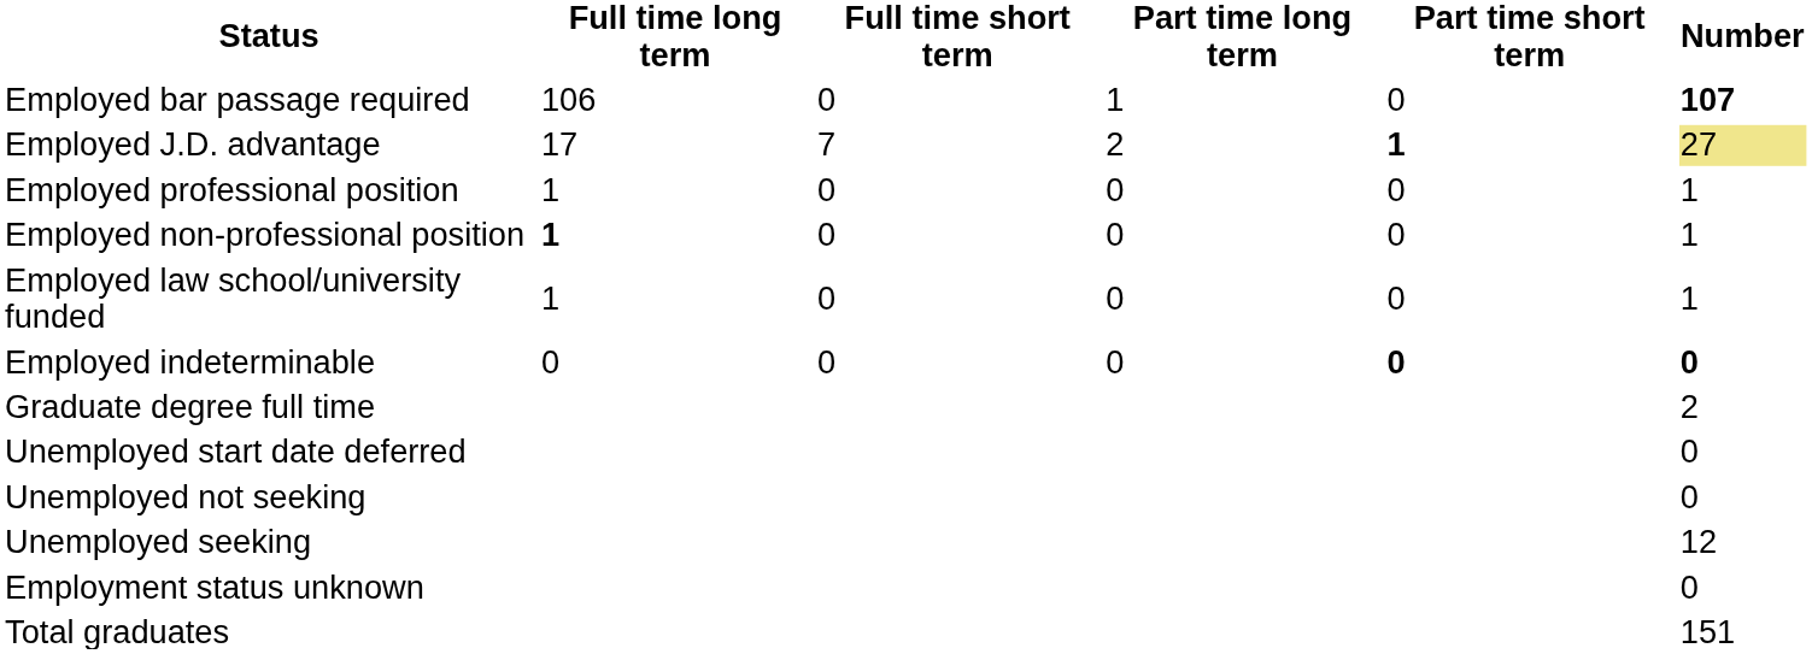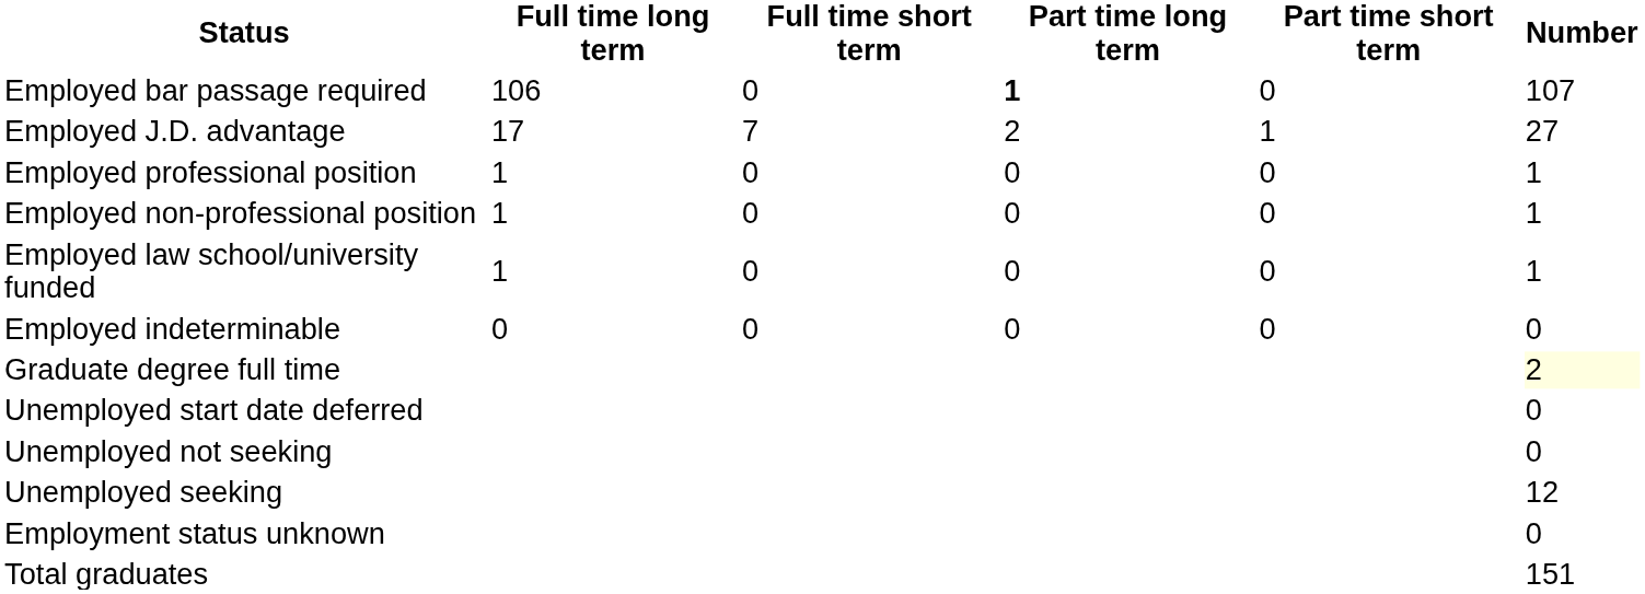 <table class="Employment summary for 2015 Graduates">
 <tr>
 <th>Status</th>
 <th>Full time long term</th>
 <th>Full time short term</th>
 <th>Part time long term</th>
 <th>Part time short term</th>
 <th>Number</th>
 </tr>
 <tr>
 <td>Employed bar passage required</td>
 <td>106</td>
 <td>0</td>
-<td>1</td>
+<td><strong>1</strong></td>
 <td>0</td>
-<td><strong>107</strong></td>
+<td>107</td>
 </tr>
 <tr>
 <td>Employed J.D. advantage</td>
 <td>17</td>
 <td>7</td>
 <td>2</td>
-<td><strong>1</strong></td>
-<td style="background: khaki;">27</td>
+<td>1</td>
+<td>27</td>
 </tr>
 <tr>
 <td>Employed professional position</td>
 <td>1</td>
 <td>0</td>
 <td>0</td>
 <td>0</td>
 <td>1</td>
 </tr>
 <tr>
 <td>Employed non-professional position</td>
-<td><strong>1</strong></td>
+<td>1</td>
 <td>0</td>
 <td>0</td>
 <td>0</td>
 <td>1</td>
 </tr>
 <tr>
 <td>Employed law school/university funded</td>
 <td>1</td>
 <td>0</td>
 <td>0</td>
 <td>0</td>
 <td>1</td>
 </tr>
 <tr>
 <td>Employed indeterminable</td>
 <td>0</td>
 <td>0</td>
 <td>0</td>
-<td><strong>0</strong></td>
-<td><strong>0</strong></td>
+<td>0</td>
+<td>0</td>
 </tr>
 <tr>
 <td>Graduate degree full time</td>
 <td></td>
 <td></td>
 <td></td>
 <td></td>
-<td>2</td>
+<td style="background: lightyellow;">2</td>
 </tr>
 <tr>
 <td>Unemployed start date deferred</td>
 <td></td>
 <td></td>
 <td></td>
 <td></td>
 <td>0</td>
 </tr>
 <tr>
 <td>Unemployed not seeking</td>
 <td></td>
 <td></td>
 <td></td>
 <td></td>
 <td>0</td>
 </tr>
 <tr>
 <td>Unemployed seeking</td>
 <td></td>
 <td></td>
 <td></td>
 <td></td>
 <td>12</td>
 </tr>
 <tr>
 <td>Employment status unknown</td>
 <td></td>
 <td></td>
 <td></td>
 <td></td>
 <td>0</td>
 </tr>
 <tr>
 <td>Total graduates</td>
 <td></td>
 <td></td>
 <td></td>
 <td></td>
 <td>151</td>
 </tr>
 <tr>
 </tr>
 </table>
